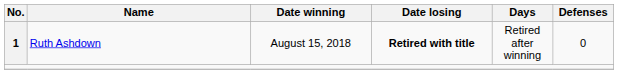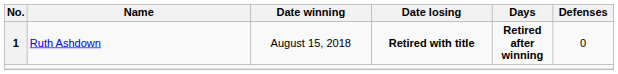 <table class="wikitable" width=100%>
 <tr>
 <th style="width:1%;">No.</th>
 <th style="width:37%;">Name</th>
 <th style="width:20%;">Date winning</th>
 <th style="width:20%;">Date losing</th>
 <th data-sort-type="number" style="width:10%;">Days</th>
 <th data-sort-type="number" style="width:10%;">Defenses</th>
 </tr>
 <tr align=center>
 <th>1</th>
 <td align=left> <a href='#'>Ruth Ashdown</a></td>
 <td>August 15, 2018</td>
 <td><strong>Retired with title</strong></td>
-<td>Retired after winning</td>
+<td><strong>Retired after winning</strong></td>
 <td>0</td>
 </tr>
 <tr>
 <td colspan="6"></td>
 </tr>
 <tr>
 </tr>
 </table>
